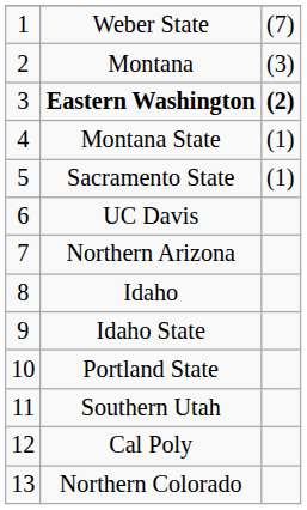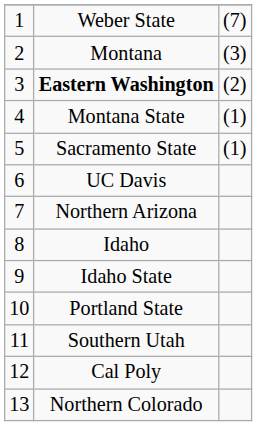 <table class="wikitable" style="display: inline-table;">
 <tr align="center">
 </tr>
 <tr align="center">
 <td>1</td>
 <td>Weber State</td>
 <td>(7)</td>
 </tr>
 <tr align="center">
 <td>2</td>
 <td>Montana</td>
 <td>(3)</td>
 </tr>
 <tr align="center">
 <td>3</td>
 <td><strong>Eastern Washington</strong></td>
-<td><strong>(2)</strong></td>
+<td>(2)</td>
 </tr>
 <tr align="center">
 <td>4</td>
 <td>Montana State</td>
 <td>(1)</td>
 </tr>
 <tr align="center">
 <td>5</td>
 <td>Sacramento State</td>
 <td>(1)</td>
 </tr>
 <tr align="center">
 <td>6</td>
 <td>UC Davis</td>
 <td></td>
 </tr>
 <tr align="center">
 <td>7</td>
 <td>Northern Arizona</td>
 <td></td>
 </tr>
 <tr align="center">
 <td>8</td>
 <td>Idaho</td>
 <td></td>
 </tr>
 <tr align="center">
 <td>9</td>
 <td>Idaho State</td>
 <td></td>
 </tr>
 <tr align="center">
 <td>10</td>
 <td>Portland State</td>
 <td></td>
 </tr>
 <tr align="center">
 <td>11</td>
 <td>Southern Utah</td>
 <td></td>
 </tr>
 <tr align="center">
 <td>12</td>
 <td>Cal Poly</td>
 <td></td>
 </tr>
 <tr align="center">
 <td>13</td>
 <td>Northern Colorado</td>
 <td></td>
 </tr>
 </table>
